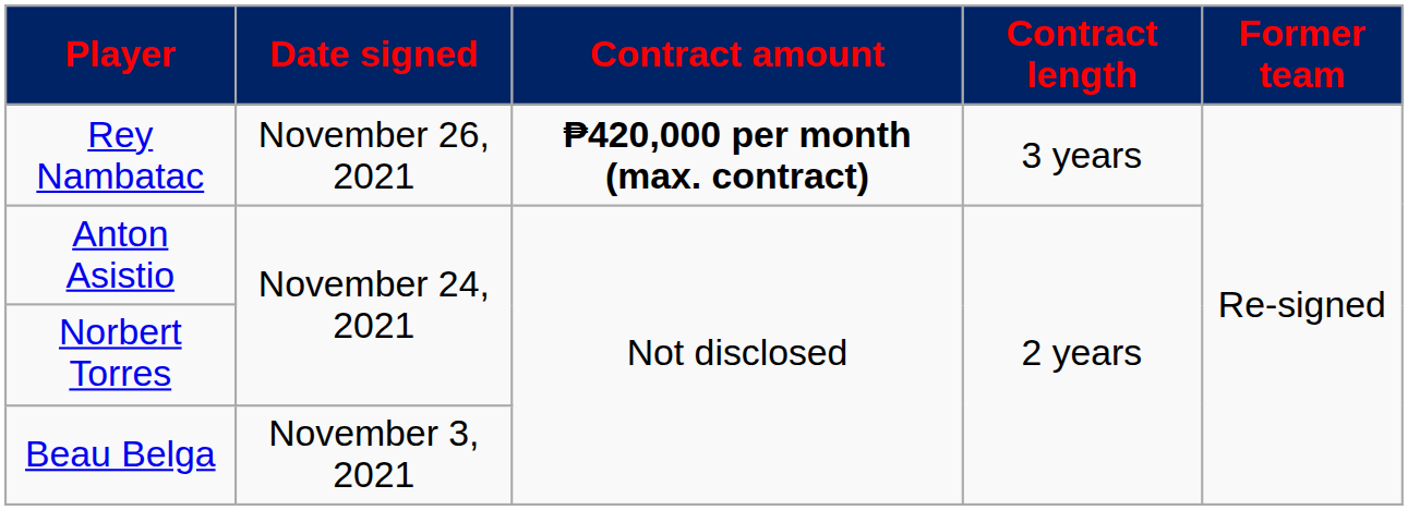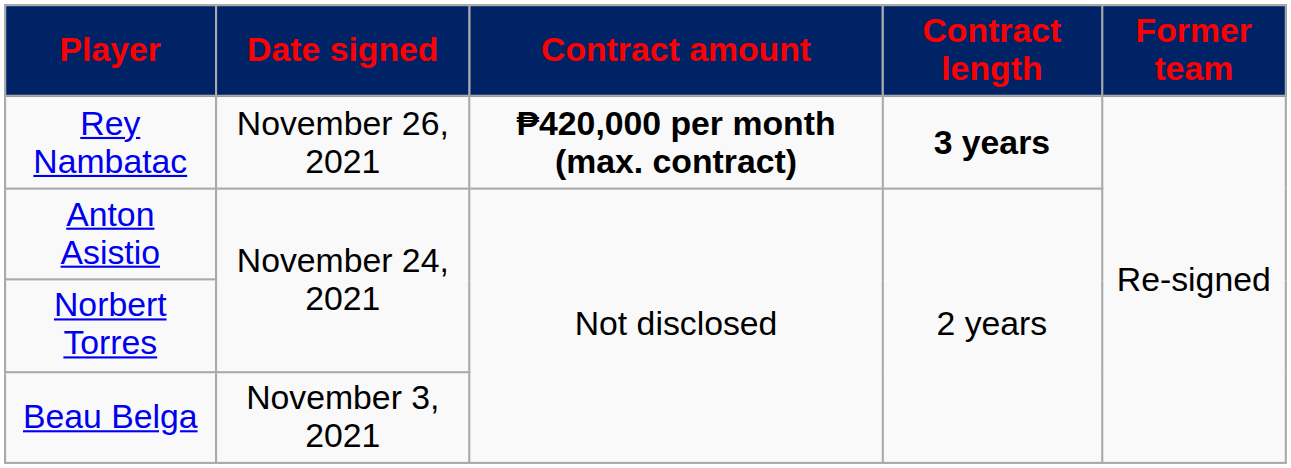 <table class="wikitable sortable sortable">
 <tr>
 <th style="background:#002366; color:#FE0003; ">Player</th>
 <th style="background:#002366; color:#FE0003; ">Date signed</th>
 <th style="background:#002366; color:#FE0003; ">Contract amount</th>
 <th style="background:#002366; color:#FE0003; ">Contract length</th>
 <th style="background:#002366; color:#FE0003; ">Former team</th>
 </tr>
 <tr>
 <td align=center><a href='#'>Rey Nambatac</a></td>
 <td align=center>November 26, 2021</td>
 <td align=center><strong>₱420,000 per month (max. contract)</strong></td>
-<td align=center>3 years</td>
+<td align=center><strong>3 years</strong></td>
 <td align=center rowspan=4>Re-signed</td>
 </tr>
 <tr>
 <td align=center><a href='#'>Anton Asistio</a></td>
 <td align=center rowspan=2>November 24, 2021</td>
 <td align=center rowspan=3>Not disclosed</td>
 <td align=center rowspan=3>2 years</td>
 </tr>
 <tr>
 <td align=center><a href='#'>Norbert Torres</a></td>
 </tr>
 <tr>
 <td align=center><a href='#'>Beau Belga</a></td>
 <td align=center>November 3, 2021</td>
 </tr>
 </table>
